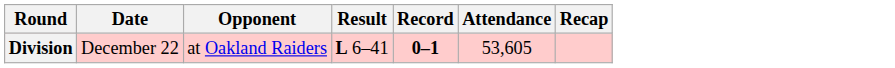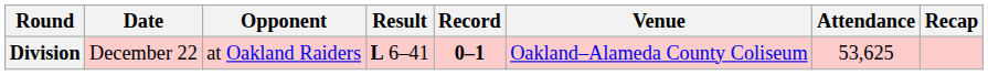 <table class="wikitable" style="text-align:center">
 <tr>
 <th>Round</th>
 <th>Date</th>
 <th>Opponent</th>
 <th>Result</th>
 <th>Record</th>
+<th>Venue</th>
 <th>Attendance</th>
 <th>Recap</th>
 </tr>
 <tr style="background:#fcc">
 <th>Division</th>
 <td>December 22</td>
 <td>at <a href='#'>Oakland Raiders</a></td>
 <td><strong>L</strong> 6–41</td>
 <td><strong>0–1</strong></td>
-<td>53,605</td>
+<td><a href='#'>Oakland–Alameda County Coliseum</a></td>
+<td>53,625</td>
 <td></td>
 </tr>
 </table>
